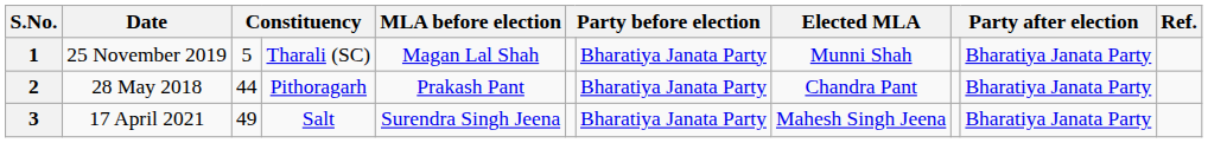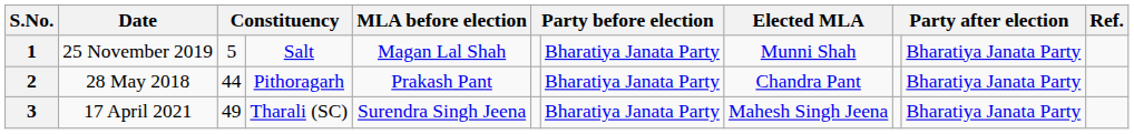 <table class="wikitable sortable" style="text-align:center;">
 <tr>
 <th>S.No.</th>
 <th>Date</th>
 <th colspan="2">Constituency</th>
 <th>MLA before election</th>
 <th colspan="2">Party before election</th>
 <th>Elected MLA</th>
 <th colspan="2">Party after election</th>
 <th>Ref.</th>
 </tr>
 <tr>
 <th>1</th>
 <td>25 November 2019</td>
 <td>5</td>
-<td><a href='#'>Tharali</a> (SC)</td>
+<td><a href='#'>Salt</a></td>
 <td><a href='#'>Magan Lal Shah</a></td>
 <td></td>
 <td><a href='#'>Bharatiya Janata Party</a></td>
 <td><a href='#'>Munni Shah</a></td>
 <td></td>
 <td><a href='#'>Bharatiya Janata Party</a></td>
 <td></td>
 </tr>
 <tr>
 <th>2</th>
 <td>28 May 2018</td>
 <td>44</td>
 <td><a href='#'>Pithoragarh</a></td>
 <td><a href='#'>Prakash Pant</a></td>
 <td></td>
 <td><a href='#'>Bharatiya Janata Party</a></td>
 <td><a href='#'>Chandra Pant</a></td>
 <td></td>
 <td><a href='#'>Bharatiya Janata Party</a></td>
 <td></td>
 </tr>
 <tr>
 <th>3</th>
 <td>17 April 2021</td>
 <td>49</td>
-<td><a href='#'>Salt</a></td>
+<td><a href='#'>Tharali</a> (SC)</td>
 <td><a href='#'>Surendra Singh Jeena</a></td>
 <td></td>
 <td><a href='#'>Bharatiya Janata Party</a></td>
 <td><a href='#'>Mahesh Singh Jeena</a></td>
 <td></td>
 <td><a href='#'>Bharatiya Janata Party</a></td>
 <td></td>
 </tr>
 </table>
